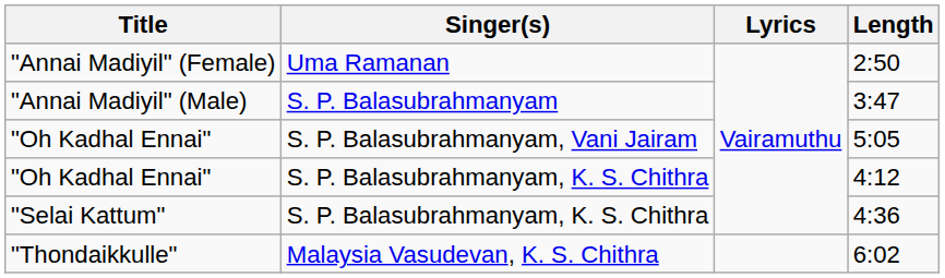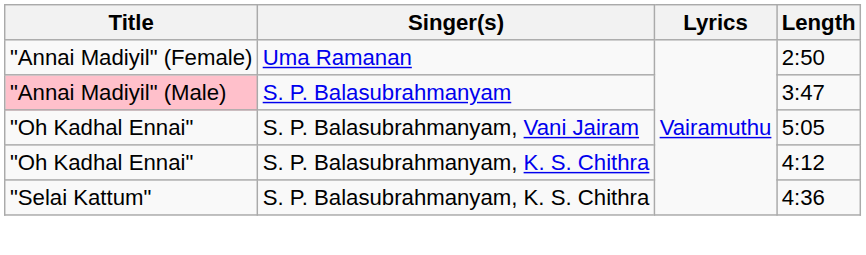 <table class="wikitable" style="font-size:95%;">
 <tr>
 <th>Title</th>
 <th>Singer(s)</th>
 <th>Lyrics</th>
 <th>Length</th>
 </tr>
 <tr>
 <td>"Annai Madiyil" (Female)</td>
 <td><a href='#'>Uma Ramanan</a></td>
 <td rowspan="5"><a href='#'>Vairamuthu</a></td>
 <td>2:50</td>
 </tr>
 <tr>
-<td>"Annai Madiyil" (Male)</td>
+<td style="background: pink;">"Annai Madiyil" (Male)</td>
 <td><a href='#'>S. P. Balasubrahmanyam</a></td>
 <td>3:47</td>
 </tr>
 <tr>
 <td>"Oh Kadhal Ennai"</td>
 <td>S. P. Balasubrahmanyam, <a href='#'>Vani Jairam</a></td>
 <td>5:05</td>
 </tr>
 <tr>
 <td>"Oh Kadhal Ennai"</td>
 <td>S. P. Balasubrahmanyam, <a href='#'>K. S. Chithra</a></td>
 <td>4:12</td>
 </tr>
 <tr>
 <td>"Selai Kattum"</td>
 <td>S. P. Balasubrahmanyam, K. S. Chithra</td>
 <td>4:36</td>
 </tr>
-<tr>
-<td>"Thondaikkulle"</td>
-<td><a href='#'>Malaysia Vasudevan</a>, <a href='#'>K. S. Chithra</a></td>
-<td></td>
-<td>6:02</td>
-</tr>
 </table>
